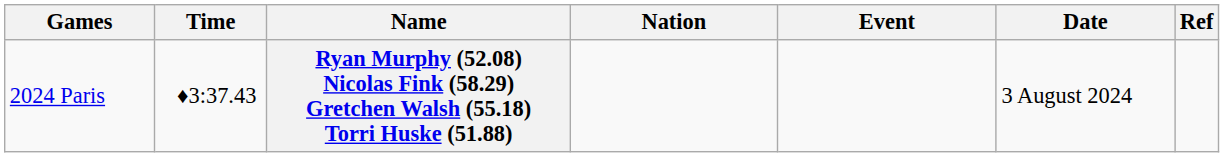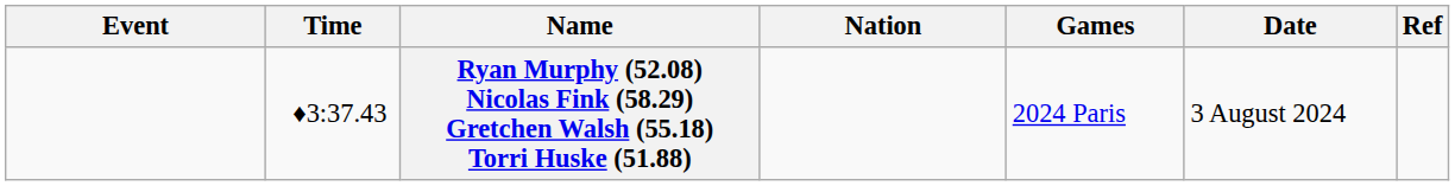 <table class="wikitable sortable plainrowheaders">
 <tr>
-<th scope="col" style="width:8em">Games</th>
+<th scope="col" style="width:13em">Event</th>
 <th scope="col" class=unsortable style="width:5em">Time</th>
 <th scope="col" style="width:18em">Name</th>
 <th scope="col" style="width:12em">Nation</th>
-<th scope="col" style="width:13em">Event</th>
+<th scope="col" style="width:8em">Games</th>
 <th scope="col" style="width:10em">Date</th>
 <th scope="col" class=unsortable>Ref</th>
 </tr>
 <tr>
-<td><a href='#'>2024 Paris</a></td>
+<td></td>
 <td align=right>♦3:37.43 </td>
 <th scope="row"><a href='#'>Ryan Murphy</a> (52.08)<br><a href='#'>Nicolas Fink</a> (58.29)<br><a href='#'>Gretchen Walsh</a> (55.18)<br><a href='#'>Torri Huske</a> (51.88)</th>
 <td></td>
-<td></td>
+<td><a href='#'>2024 Paris</a></td>
 <td>3 August 2024</td>
 <td align=center></td>
 </tr>
 </table>
